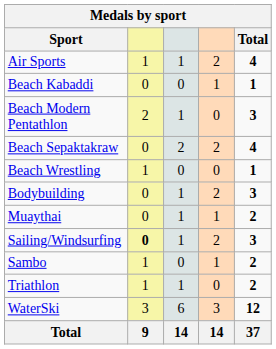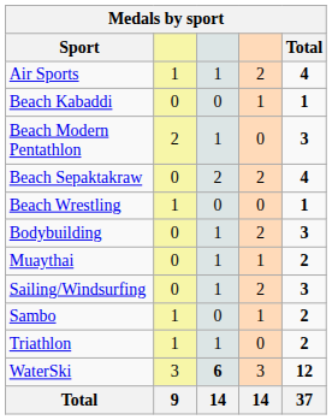 <table class="wikitable" style="font-size:90%; text-align:center;">
 <tr>
 <th colspan=5>Medals by sport</th>
 </tr>
 <tr>
 <th width=120>Sport</th>
 <th scope="col" width=30 style="background:#F7F6A8;"></th>
 <th scope="col" width=30 style="background:#DCE5E5;"></th>
 <th scope="col" width=30 style="background:#FFDAB9;"></th>
 <th width=30>Total</th>
 </tr>
 <tr>
 <td align=left><a href='#'>Air Sports</a></td>
 <td style="background:#F7F6A8;">1</td>
 <td style="background:#DCE5E5;">1</td>
 <td style="background:#FFDAB9;">2</td>
 <td><strong>4</strong></td>
 </tr>
 <tr>
 <td align=left><a href='#'>Beach Kabaddi</a></td>
 <td style="background:#F7F6A8;">0</td>
 <td style="background:#DCE5E5;">0</td>
 <td style="background:#FFDAB9;">1</td>
 <td><strong>1</strong></td>
 </tr>
 <tr>
 <td align=left><a href='#'>Beach Modern Pentathlon</a></td>
 <td style="background:#F7F6A8;">2</td>
 <td style="background:#DCE5E5;">1</td>
 <td style="background:#FFDAB9;">0</td>
 <td><strong>3</strong></td>
 </tr>
 <tr>
 <td align=left><a href='#'>Beach Sepaktakraw</a></td>
 <td style="background:#F7F6A8;">0</td>
 <td style="background:#DCE5E5;">2</td>
 <td style="background:#FFDAB9;">2</td>
 <td><strong>4</strong></td>
 </tr>
 <tr>
 <td align=left><a href='#'>Beach Wrestling</a></td>
 <td style="background:#F7F6A8;">1</td>
 <td style="background:#DCE5E5;">0</td>
 <td style="background:#FFDAB9;">0</td>
 <td><strong>1</strong></td>
 </tr>
 <tr>
 <td align=left><a href='#'>Bodybuilding</a></td>
 <td style="background:#F7F6A8;">0</td>
 <td style="background:#DCE5E5;">1</td>
 <td style="background:#FFDAB9;">2</td>
 <td><strong>3</strong></td>
 </tr>
 <tr>
 <td align=left><a href='#'>Muaythai</a></td>
 <td style="background:#F7F6A8;">0</td>
 <td style="background:#DCE5E5;">1</td>
 <td style="background:#FFDAB9;">1</td>
 <td><strong>2</strong></td>
 </tr>
 <tr>
 <td align=left><a href='#'>Sailing/Windsurfing</a></td>
-<td style="background:#F7F6A8;"><strong>0</strong></td>
+<td style="background:#F7F6A8;">0</td>
 <td style="background:#DCE5E5;">1</td>
 <td style="background:#FFDAB9;">2</td>
 <td><strong>3</strong></td>
 </tr>
 <tr>
 <td align=left><a href='#'>Sambo</a></td>
 <td style="background:#F7F6A8;">1</td>
 <td style="background:#DCE5E5;">0</td>
 <td style="background:#FFDAB9;">1</td>
 <td><strong>2</strong></td>
 </tr>
 <tr>
 <td align=left><a href='#'>Triathlon</a></td>
 <td style="background:#F7F6A8;">1</td>
 <td style="background:#DCE5E5;">1</td>
 <td style="background:#FFDAB9;">0</td>
 <td><strong>2</strong></td>
 </tr>
 <tr>
 <td align=left><a href='#'>WaterSki</a></td>
 <td style="background:#F7F6A8;">3</td>
-<td style="background:#DCE5E5;">6</td>
+<td style="background:#DCE5E5;"><strong>6</strong></td>
 <td style="background:#FFDAB9;">3</td>
 <td><strong>12</strong></td>
 </tr>
 <tr class="sortbottom">
 <th>Total</th>
 <th>9</th>
 <th>14</th>
 <th>14</th>
 <th>37</th>
 </tr>
 </table>
